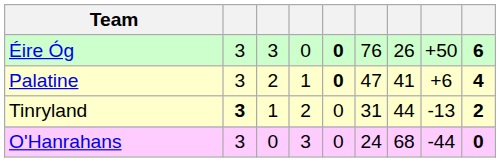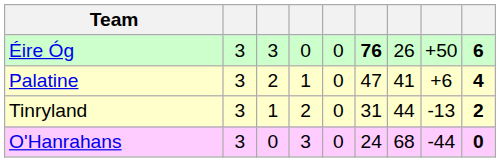 <table class="wikitable" style="text-align:center">
 <tr>
 <th style="width:175px;">Team</th>
 <th width="20"></th>
 <th width="20"></th>
 <th width="20"></th>
 <th width="20"></th>
 <th width="20"></th>
 <th width="20"></th>
 <th width="20"></th>
 <th width="20"></th>
 </tr>
 <tr style="background:#cfc;">
 <td style="text-align:left;"> <a href='#'>Éire Óg</a></td>
 <td>3</td>
 <td>3</td>
 <td>0</td>
-<td><strong>0</strong></td>
-<td>76</td>
+<td>0</td>
+<td><strong>76</strong></td>
 <td>26</td>
 <td>+50</td>
 <td><strong>6</strong></td>
 </tr>
 <tr style="background:#ffc;">
 <td style="text-align:left;"> <a href='#'>Palatine</a></td>
 <td>3</td>
 <td>2</td>
 <td>1</td>
-<td><strong>0</strong></td>
+<td>0</td>
 <td>47</td>
 <td>41</td>
 <td>+6</td>
 <td><strong>4</strong></td>
 </tr>
 <tr style="background:#ffc;">
 <td style="text-align:left;"> Tinryland</td>
-<td><strong>3</strong></td>
+<td>3</td>
 <td>1</td>
 <td>2</td>
 <td>0</td>
 <td>31</td>
 <td>44</td>
 <td>-13</td>
 <td><strong>2</strong></td>
 </tr>
 <tr style="background:#fcf;">
 <td style="text-align:left;"><a href='#'>O'Hanrahans</a></td>
 <td>3</td>
 <td>0</td>
 <td>3</td>
 <td>0</td>
 <td>24</td>
 <td>68</td>
 <td>-44</td>
 <td><strong>0</strong></td>
 </tr>
 </table>
